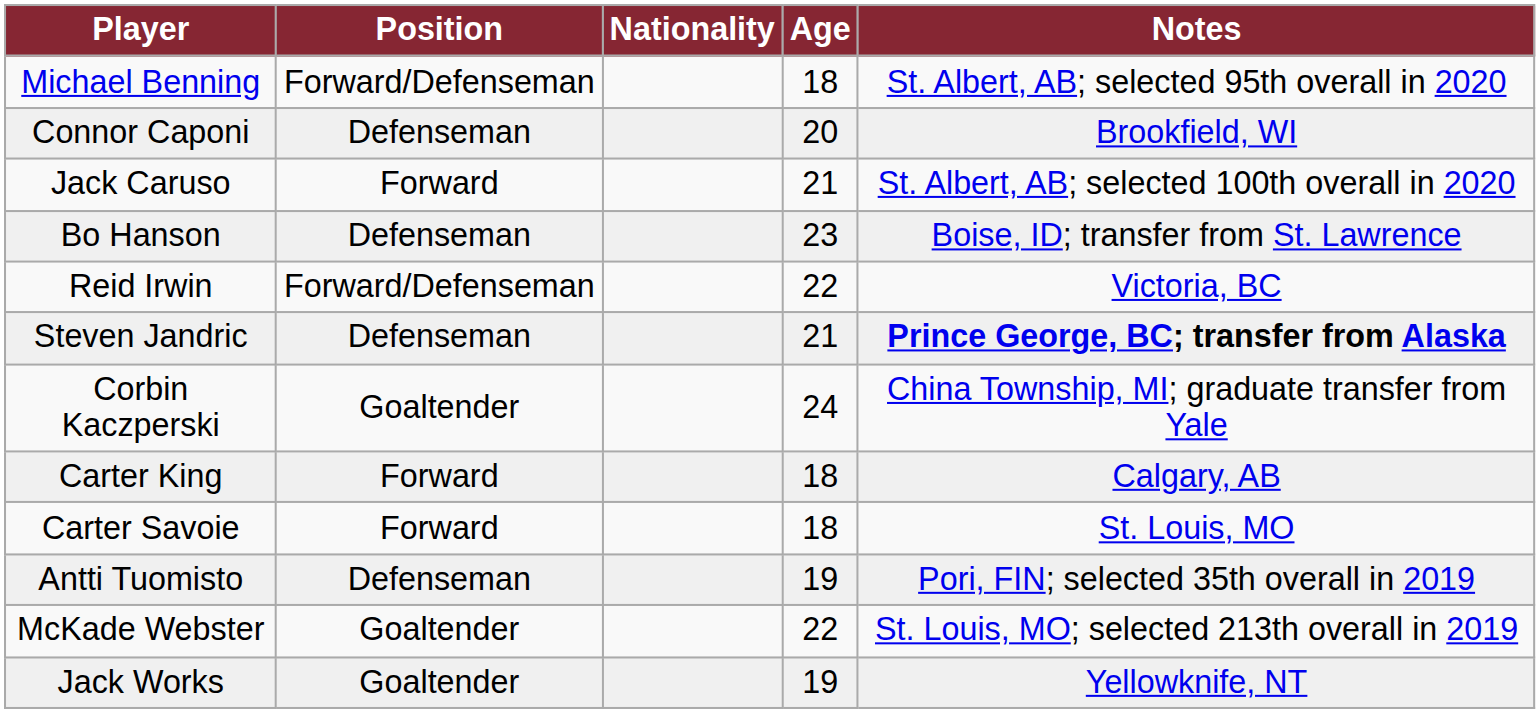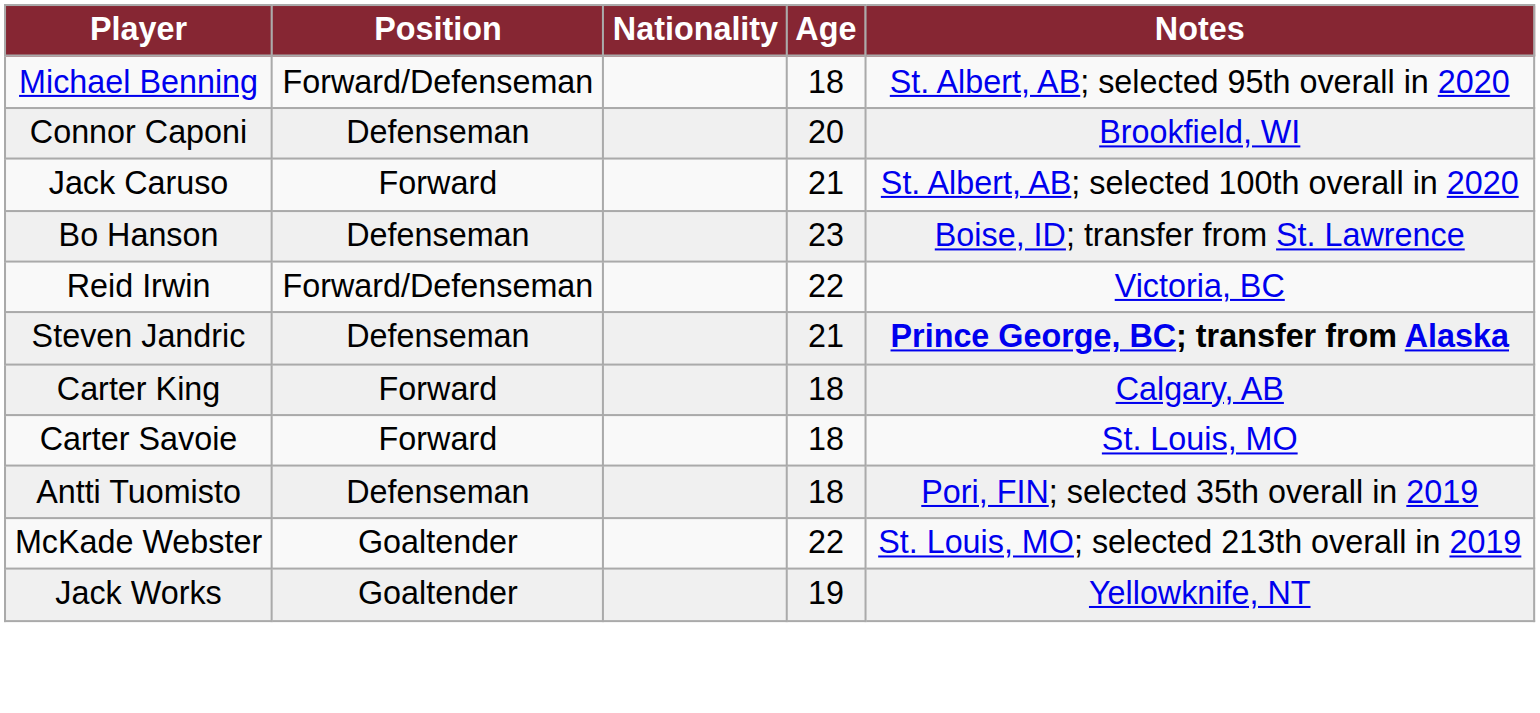 <table class="wikitable" width="60%">
 <tr>
 <th style="color:white; background:#862633; ">Player</th>
 <th style="color:white; background:#862633; ">Position</th>
 <th style="color:white; background:#862633; ">Nationality</th>
 <th style="color:white; background:#862633; ">Age</th>
 <th style="color:white; background:#862633; ">Notes</th>
 </tr>
 <tr align="center" bgcolor="">
 <td><a href='#'>Michael Benning</a></td>
 <td>Forward/Defenseman</td>
 <td></td>
 <td>18</td>
 <td><a href='#'>St. Albert, AB</a>; selected 95th overall in <a href='#'>2020</a></td>
 </tr>
 <tr align="center" bgcolor="f0f0f0">
 <td>Connor Caponi</td>
 <td>Defenseman</td>
 <td></td>
 <td>20</td>
 <td><a href='#'>Brookfield, WI</a></td>
 </tr>
 <tr align="center" bgcolor="">
 <td>Jack Caruso</td>
 <td>Forward</td>
 <td></td>
 <td>21</td>
 <td><a href='#'>St. Albert, AB</a>; selected 100th overall in <a href='#'>2020</a></td>
 </tr>
 <tr align="center" bgcolor="f0f0f0">
 <td>Bo Hanson</td>
 <td>Defenseman</td>
 <td></td>
 <td>23</td>
 <td><a href='#'>Boise, ID</a>; transfer from <a href='#'>St. Lawrence</a></td>
 </tr>
 <tr align="center" bgcolor="">
 <td>Reid Irwin</td>
 <td>Forward/Defenseman</td>
 <td></td>
 <td>22</td>
 <td><a href='#'>Victoria, BC</a></td>
 </tr>
 <tr align="center" bgcolor="f0f0f0">
 <td>Steven Jandric</td>
 <td>Defenseman</td>
 <td></td>
 <td>21</td>
 <td><strong><a href='#'>Prince George, BC</a>; transfer from <a href='#'>Alaska</a></strong></td>
 </tr>
-<tr align="center" bgcolor="">
-<td>Corbin Kaczperski</td>
-<td>Goaltender</td>
-<td></td>
-<td>24</td>
-<td><a href='#'>China Township, MI</a>; graduate transfer from <a href='#'>Yale</a></td>
-</tr>
 <tr align="center" bgcolor="f0f0f0">
 <td>Carter King</td>
 <td>Forward</td>
 <td></td>
 <td>18</td>
 <td><a href='#'>Calgary, AB</a></td>
 </tr>
 <tr align="center" bgcolor="">
 <td>Carter Savoie</td>
 <td>Forward</td>
 <td></td>
 <td>18</td>
 <td><a href='#'>St. Louis, MO</a></td>
 </tr>
 <tr align="center" bgcolor="f0f0f0">
 <td>Antti Tuomisto</td>
 <td>Defenseman</td>
 <td></td>
-<td>19</td>
+<td>18</td>
 <td><a href='#'>Pori, FIN</a>; selected 35th overall in <a href='#'>2019</a></td>
 </tr>
 <tr align="center" bgcolor="">
 <td>McKade Webster</td>
 <td>Goaltender</td>
 <td></td>
 <td>22</td>
 <td><a href='#'>St. Louis, MO</a>; selected 213th overall in <a href='#'>2019</a></td>
 </tr>
 <tr align="center" bgcolor="f0f0f0">
 <td>Jack Works</td>
 <td>Goaltender</td>
 <td></td>
 <td>19</td>
 <td><a href='#'>Yellowknife, NT</a></td>
 </tr>
 </table>
